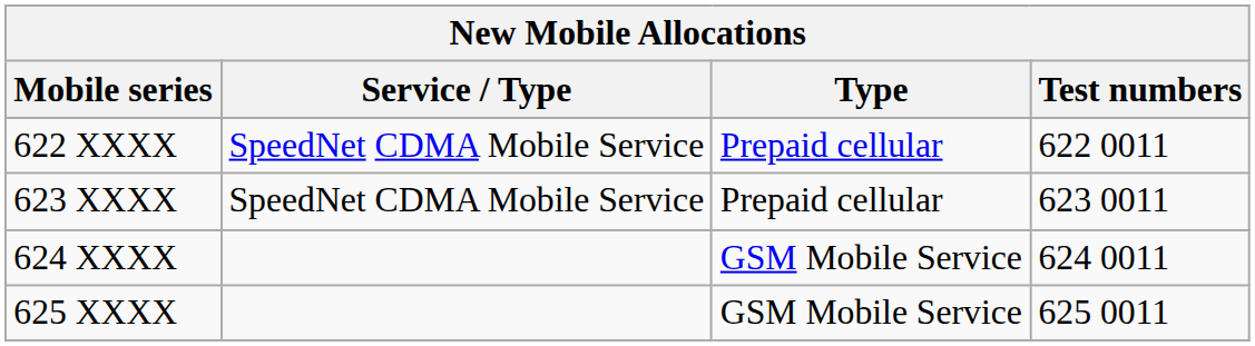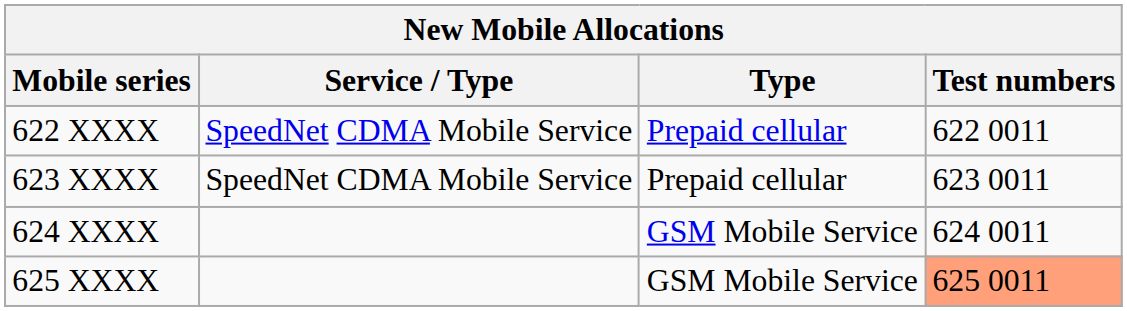 <table class="wikitable" border=1>
 <tr>
 <th colspan="4">New Mobile Allocations</th>
 </tr>
 <tr>
 <th>Mobile series</th>
 <th>Service / Type</th>
 <th>Type</th>
 <th>Test numbers</th>
 </tr>
 <tr>
 <td>622 XXXX</td>
 <td><a href='#'>SpeedNet</a> <a href='#'>CDMA</a> Mobile Service</td>
 <td><a href='#'>Prepaid cellular</a></td>
 <td>622 0011</td>
 </tr>
 <tr>
 <td>623 XXXX</td>
 <td>SpeedNet  CDMA Mobile Service</td>
 <td>Prepaid cellular</td>
 <td>623 0011</td>
 </tr>
 <tr>
 <td>624 XXXX</td>
 <td></td>
 <td><a href='#'>GSM</a> Mobile Service</td>
 <td>624 0011</td>
 </tr>
 <tr>
 <td>625 XXXX</td>
 <td></td>
 <td>GSM Mobile Service</td>
-<td>625 0011</td>
+<td style="background: lightsalmon;">625 0011</td>
 </tr>
 </table>
